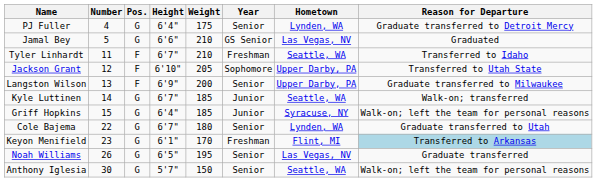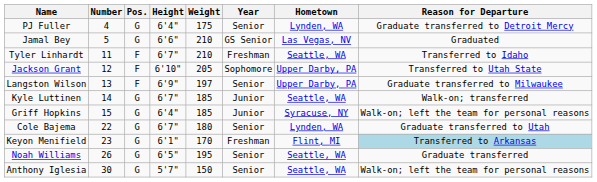 <table class="wikitable sortable sortable" style="text-align: center">
 <tr align=center>
 <th>Name</th>
 <th>Number</th>
 <th>Pos.</th>
 <th>Height</th>
 <th>Weight</th>
 <th>Year</th>
 <th>Hometown</th>
 <th>Reason for Departure</th>
 </tr>
 <tr>
 <td>PJ Fuller</td>
 <td>4</td>
 <td>G</td>
 <td>6'4"</td>
 <td>175</td>
 <td>Senior</td>
 <td><a href='#'>Lynden, WA</a></td>
 <td>Graduate transferred to <a href='#'>Detroit Mercy</a></td>
 </tr>
 <tr>
 <td>Jamal Bey</td>
 <td>5</td>
 <td>G</td>
 <td>6'6"</td>
 <td>210</td>
 <td>GS Senior</td>
 <td><a href='#'>Las Vegas, NV</a></td>
 <td>Graduated</td>
 </tr>
 <tr>
 <td>Tyler Linhardt</td>
 <td>11</td>
 <td>F</td>
 <td>6'7"</td>
 <td>210</td>
 <td>Freshman</td>
 <td><a href='#'>Seattle, WA</a></td>
 <td>Transferred to <a href='#'>Idaho</a></td>
 </tr>
 <tr>
 <td><a href='#'>Jackson Grant</a></td>
 <td>12</td>
 <td>F</td>
 <td>6'10"</td>
 <td>205</td>
 <td>Sophomore</td>
 <td><a href='#'>Upper Darby, PA</a></td>
 <td>Transferred to <a href='#'>Utah State</a></td>
 </tr>
 <tr>
 <td>Langston Wilson</td>
 <td>13</td>
 <td>F</td>
 <td>6'9"</td>
-<td>200</td>
+<td>197</td>
 <td>Senior</td>
 <td><a href='#'>Upper Darby, PA</a></td>
 <td>Graduate transferred to <a href='#'>Milwaukee</a></td>
 </tr>
 <tr>
 <td>Kyle Luttinen</td>
 <td>14</td>
 <td>G</td>
 <td>6'7"</td>
 <td>185</td>
 <td>Junior</td>
 <td><a href='#'>Seattle, WA</a></td>
 <td>Walk-on; transferred</td>
 </tr>
 <tr>
 <td>Griff Hopkins</td>
 <td>15</td>
 <td>G</td>
 <td>6'4"</td>
 <td>185</td>
 <td>Junior</td>
 <td><a href='#'>Syracuse, NY</a></td>
 <td>Walk-on; left the team for personal reasons</td>
 </tr>
 <tr>
 <td>Cole Bajema</td>
 <td>22</td>
 <td>G</td>
 <td>6'7"</td>
 <td>180</td>
 <td>Senior</td>
 <td><a href='#'>Lynden, WA</a></td>
 <td>Graduate transferred to <a href='#'>Utah</a></td>
 </tr>
 <tr>
 <td>Keyon Menifield</td>
 <td>23</td>
 <td>G</td>
 <td>6'1"</td>
 <td>170</td>
 <td>Freshman</td>
 <td><a href='#'>Flint, MI</a></td>
 <td style="background: lightblue;">Transferred to <a href='#'>Arkansas</a></td>
 </tr>
 <tr>
 <td><a href='#'>Noah Williams</a></td>
 <td>26</td>
 <td>G</td>
 <td>6'5"</td>
 <td>195</td>
 <td>Senior</td>
-<td><a href='#'>Las Vegas, NV</a></td>
+<td><a href='#'>Seattle, WA</a></td>
 <td>Graduate transferred</td>
 </tr>
 <tr>
 <td>Anthony Iglesia</td>
 <td>30</td>
 <td>G</td>
 <td>5'7"</td>
 <td>150</td>
 <td>Senior</td>
 <td><a href='#'>Seattle, WA</a></td>
 <td>Walk-on; left the team for personal reasons</td>
 </tr>
 </table>
